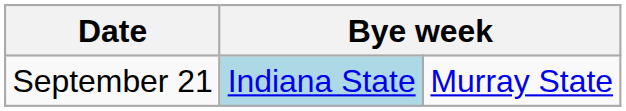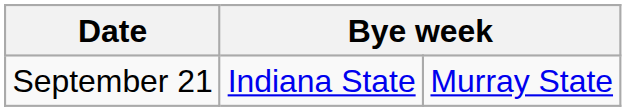 <table class="wikitable" style="font-size:95%;">
 <tr>
 <th>Date</th>
 <th colspan=2>Bye week</th>
 </tr>
 <tr>
 <td>September 21</td>
-<td style="background: lightblue;"><a href='#'>Indiana State</a></td>
+<td><a href='#'>Indiana State</a></td>
 <td><a href='#'>Murray State</a></td>
 </tr>
 </table>
